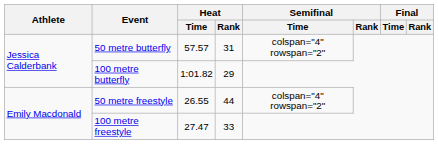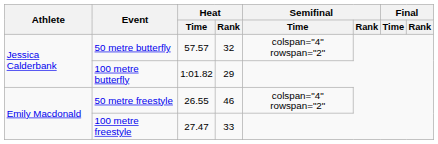 <table class="wikitable" style="text-align:center; font-size:90%; width:50%;">
 <tr>
 <th rowspan="2">Athlete</th>
 <th rowspan="2">Event</th>
 <th colspan="2">Heat</th>
 <th colspan="2">Semifinal</th>
 <th colspan="2">Final</th>
 </tr>
 <tr style="font-size:95%">
 <th>Time</th>
 <th>Rank</th>
 <th>Time</th>
 <th>Rank</th>
 <th>Time</th>
 <th>Rank</th>
 </tr>
 <tr align=center>
 <td align=left rowspan="2"><a href='#'>Jessica Calderbank</a></td>
 <td align=left><a href='#'>50 metre butterfly</a></td>
 <td>57.57</td>
-<td>31</td>
+<td>32</td>
 <td>colspan="4" rowspan="2" </td>
 </tr>
 <tr align=center>
 <td align=left><a href='#'>100 metre butterfly</a></td>
 <td>1:01.82</td>
 <td>29</td>
 </tr>
 <tr align=center>
 <td align=left rowspan="2"><a href='#'>Emily Macdonald</a></td>
 <td align=left><a href='#'>50 metre freestyle</a></td>
 <td>26.55</td>
-<td>44</td>
+<td>46</td>
 <td>colspan="4" rowspan="2" </td>
 </tr>
 <tr align=center>
 <td align=left><a href='#'>100 metre freestyle</a></td>
 <td>27.47</td>
 <td>33</td>
 </tr>
 </table>
